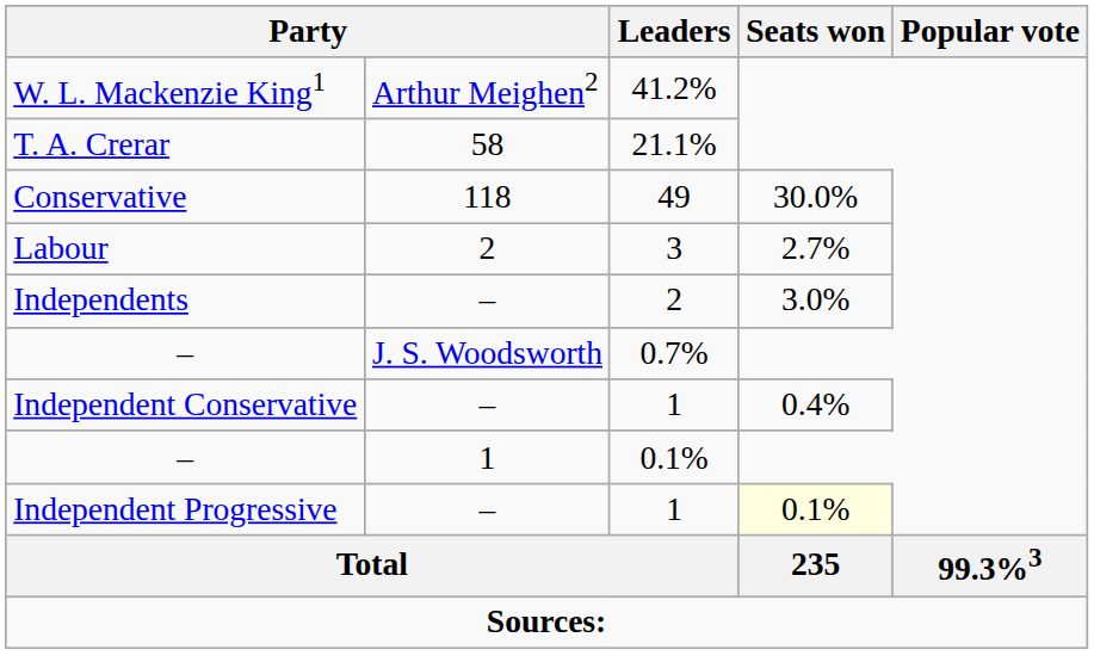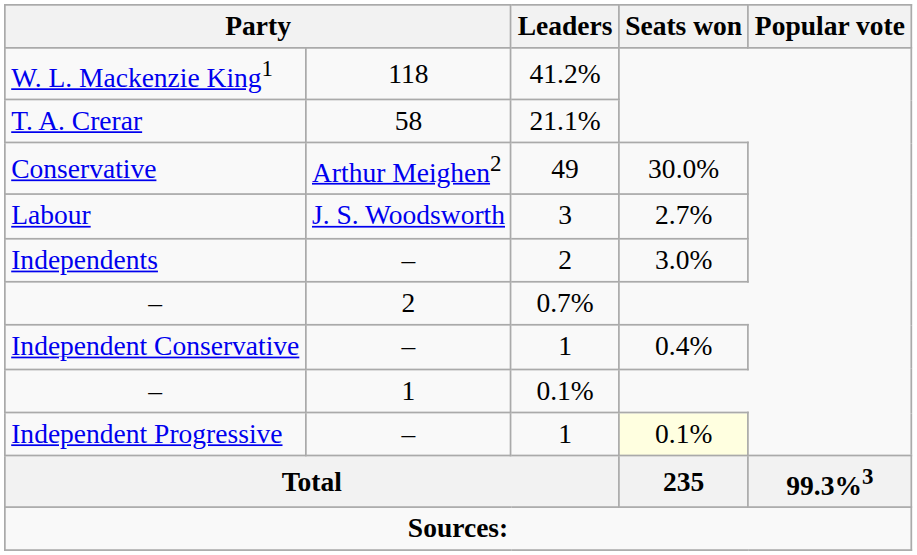 <table class="wikitable">
 <tr>
 <th colspan="2">Party</th>
 <th>Leaders</th>
 <th>Seats won</th>
 <th>Popular vote</th>
 </tr>
 <tr>
 <td><a href='#'>W. L. Mackenzie King</a><sup>1</sup></td>
-<td><a href='#'>Arthur Meighen</a><sup>2</sup></td>
+<td align=center>118</td>
 <td align=center>41.2%</td>
 </tr>
 <tr>
 <td><a href='#'>T. A. Crerar</a></td>
 <td align=center>58</td>
 <td align=center>21.1%</td>
 </tr>
 <tr>
 <td><a href='#'>Conservative</a></td>
-<td align=center>118</td>
+<td><a href='#'>Arthur Meighen</a><sup>2</sup></td>
 <td align=center>49</td>
 <td align=center>30.0%</td>
 </tr>
 <tr>
 <td><a href='#'>Labour</a></td>
-<td align=center>2</td>
+<td><a href='#'>J. S. Woodsworth</a></td>
 <td align=center>3</td>
 <td align=center>2.7%</td>
 </tr>
 <tr>
 <td><a href='#'>Independents</a></td>
 <td align=center>–</td>
 <td align=center>2</td>
 <td align=center>3.0%</td>
 </tr>
 <tr>
 <td align=center>–</td>
-<td><a href='#'>J. S. Woodsworth</a></td>
+<td align=center>2</td>
 <td align=center>0.7%</td>
 </tr>
 <tr>
 <td><a href='#'>Independent Conservative</a></td>
 <td align=center>–</td>
 <td align=center>1</td>
 <td align=center>0.4%</td>
 </tr>
 <tr>
 <td align=center>–</td>
 <td align=center>1</td>
 <td align=center>0.1%</td>
 </tr>
 <tr>
 <td><a href='#'>Independent Progressive</a></td>
 <td align=center>–</td>
 <td align=center>1</td>
 <td align=center style="background: lightyellow;">0.1%</td>
 </tr>
 <tr>
 <th colspan=3 align=left>Total</th>
 <th align=center>235</th>
 <th align=center>99.3%<sup>3</sup></th>
 </tr>
 <tr>
 <td align="center" colspan=5><strong>Sources:</strong> </td>
 </tr>
 </table>
